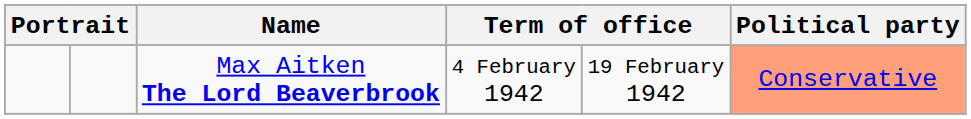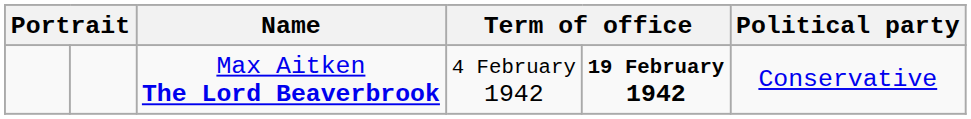 <table class="wikitable" style="text-align:Center">
 <tr>
 <th colspan=2>Portrait</th>
 <th>Name</th>
 <th colspan=2>Term of office</th>
 <th>Political party</th>
 </tr>
 <tr>
 <td style="background-color: "></td>
 <td></td>
 <td><a href='#'>Max Aitken<br><strong>The Lord Beaverbrook</strong></a></td>
 <td><small>4 February</small><br>1942</td>
-<td><small>19 February</small><br>1942</td>
-<td style="background: lightsalmon;"><a href='#'>Conservative</a></td>
+<td><strong><small>19 February</small><br>1942</strong></td>
+<td><a href='#'>Conservative</a></td>
 </tr>
 </table>
